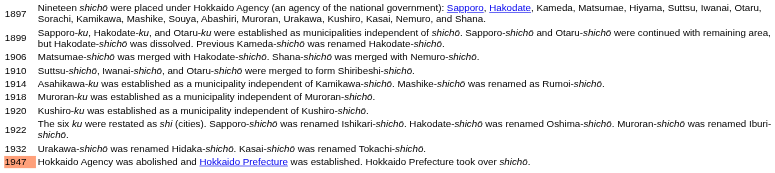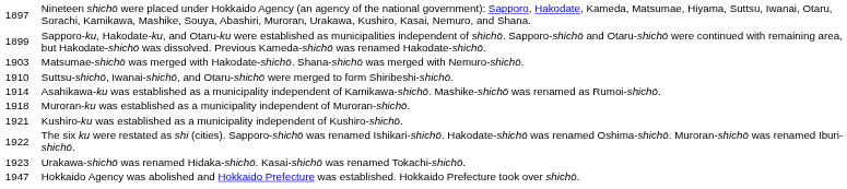 <table>
 <tr>
 <td width="50px">1897</td>
 <td>Nineteen <em>shichō</em> were placed under Hokkaido Agency (an agency of the national government): <a href='#'>Sapporo</a>, <a href='#'>Hakodate</a>, Kameda, Matsumae, Hiyama, Suttsu, Iwanai, Otaru, Sorachi, Kamikawa, Mashike, Souya, Abashiri, Muroran, Urakawa, Kushiro, Kasai, Nemuro, and Shana.</td>
 </tr>
 <tr>
 <td>1899</td>
 <td>Sapporo-<em>ku</em>, Hakodate-<em>ku</em>, and Otaru-<em>ku</em> were established as municipalities independent of <em>shichō</em>. Sapporo-<em>shichō</em> and Otaru-<em>shichō</em> were continued with remaining area, but Hakodate-<em>shichō</em> was dissolved. Previous Kameda-<em>shichō</em> was renamed Hakodate-<em>shichō</em>.</td>
 </tr>
 <tr>
-<td>1906</td>
+<td>1903</td>
 <td>Matsumae-<em>shichō</em> was merged with Hakodate-<em>shichō</em>. Shana-<em>shichō</em> was merged with Nemuro-<em>shichō</em>.</td>
 </tr>
 <tr>
 <td>1910</td>
 <td>Suttsu-<em>shichō</em>, Iwanai-<em>shichō</em>, and Otaru-<em>shichō</em> were merged to form Shiribeshi-<em>shichō</em>.</td>
 </tr>
 <tr>
 <td>1914</td>
 <td>Asahikawa-<em>ku</em> was established as a municipality independent of Kamikawa-<em>shichō</em>. Mashike-<em>shichō</em> was renamed as Rumoi-<em>shichō</em>.</td>
 </tr>
 <tr>
 <td>1918</td>
 <td>Muroran-<em>ku</em> was established as a municipality independent of Muroran-<em>shichō</em>.</td>
 </tr>
 <tr>
-<td>1920</td>
+<td>1921</td>
 <td>Kushiro-<em>ku</em> was established as a municipality independent of Kushiro-<em>shichō</em>.</td>
 </tr>
 <tr>
 <td>1922</td>
 <td>The six <em>ku</em> were restated as <em>shi</em> (cities). Sapporo-<em>shichō</em> was renamed Ishikari-<em>shichō</em>. Hakodate-<em>shichō</em> was renamed Oshima-<em>shichō</em>. Muroran-<em>shichō</em> was renamed Iburi-<em>shichō</em>.</td>
 </tr>
 <tr>
-<td>1932</td>
+<td>1923</td>
 <td>Urakawa-<em>shichō</em> was renamed Hidaka-<em>shichō</em>. Kasai-<em>shichō</em> was renamed Tokachi-<em>shichō</em>.</td>
 </tr>
 <tr>
-<td style="background: lightsalmon;">1947</td>
+<td>1947</td>
 <td>Hokkaido Agency was abolished and <a href='#'>Hokkaido Prefecture</a> was established. Hokkaido Prefecture took over <em>shichō</em>.</td>
 </tr>
 </table>
